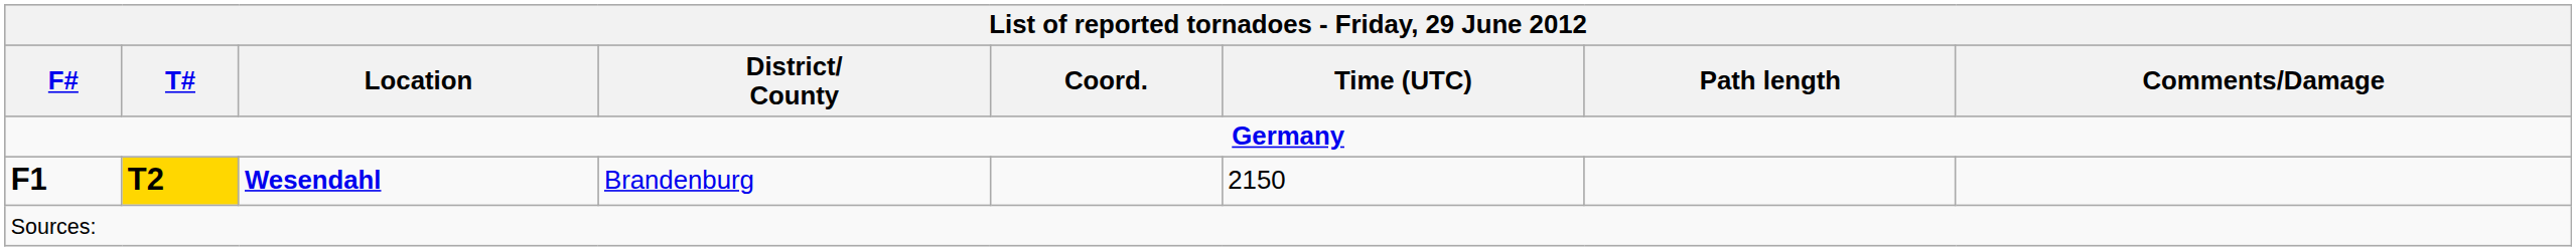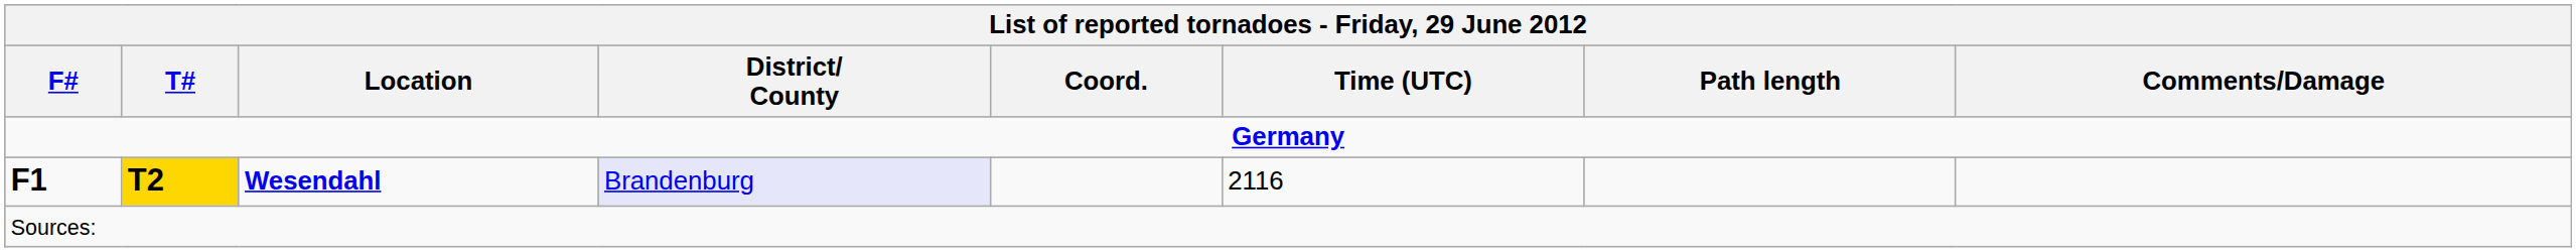 <table class="wikitable collapsible" width="100%">
 <tr>
 <th colspan="8">List of reported tornadoes - Friday, 29 June 2012</th>
 </tr>
 <tr>
 <th><a href='#'>F#</a></th>
 <th><a href='#'>T#</a></th>
 <th>Location</th>
 <th>District/<br>County</th>
 <th>Coord.</th>
 <th>Time (UTC)</th>
 <th>Path length</th>
 <th>Comments/Damage</th>
 </tr>
 <tr>
 <td colspan="8" align=center><strong><a href='#'>Germany</a></strong></td>
 </tr>
 <tr>
 <td><big><strong>F1</strong></big></td>
 <td style="background: gold;"><big><strong>T2</strong></big></td>
 <td><strong><a href='#'>Wesendahl</a></strong></td>
-<td><a href='#'>Brandenburg</a></td>
+<td style="background: lavender;"><a href='#'>Brandenburg</a></td>
 <td></td>
-<td>2150</td>
+<td>2116</td>
 <td></td>
 <td></td>
 </tr>
 <tr>
 <td colspan="8"><small>Sources:  </small></td>
 </tr>
 </table>
